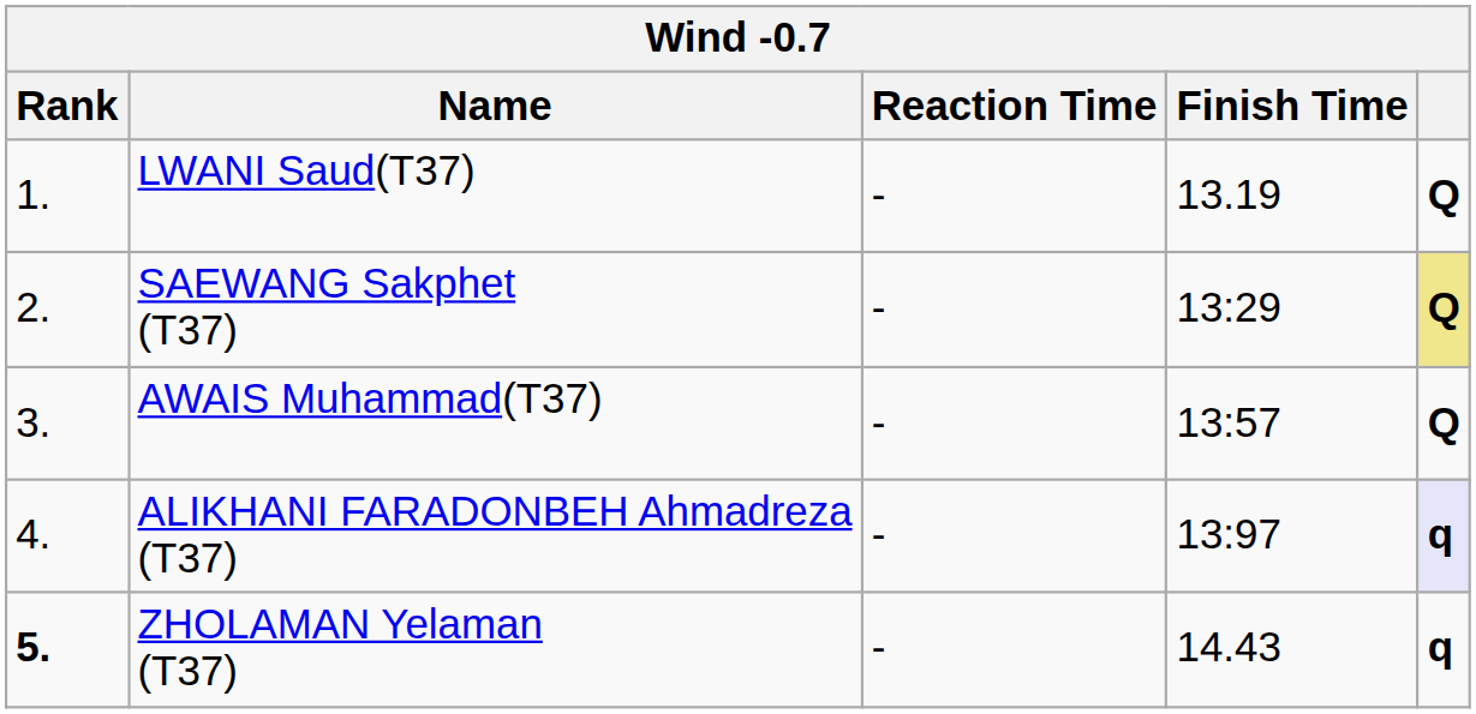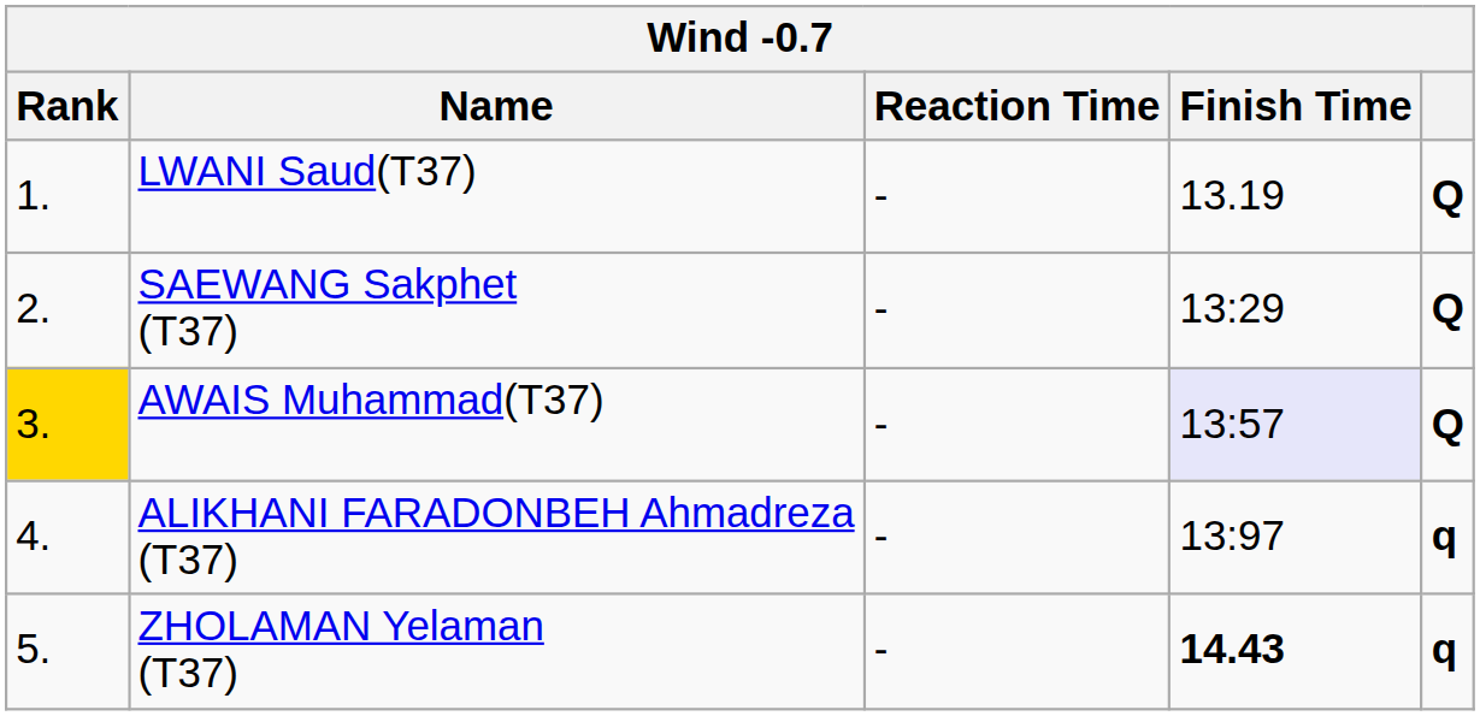 <table class="wikitable">
 <tr>
 <th colspan="5">Wind -0.7</th>
 </tr>
 <tr>
 <th>Rank</th>
 <th>Name</th>
 <th>Reaction Time</th>
 <th>Finish Time</th>
 <th></th>
 </tr>
 <tr>
 <td>1.</td>
 <td><a href='#'>LWANI Saud</a>(T37)<br><br></td>
 <td>-</td>
 <td>13.19</td>
 <td><strong>Q</strong></td>
 </tr>
 <tr>
 <td>2.</td>
 <td><a href='#'>SAEWANG Sakphet</a><br>(T37) <br> </td>
 <td>-</td>
 <td>13:29</td>
-<td style="background: khaki;"><strong>Q</strong></td>
+<td><strong>Q</strong></td>
 </tr>
 <tr>
-<td>3.</td>
+<td style="background: gold;">3.</td>
 <td><a href='#'>AWAIS Muhammad</a>(T37)<br><br></td>
 <td>-</td>
-<td>13:57</td>
+<td style="background: lavender;">13:57</td>
 <td><strong>Q</strong></td>
 </tr>
 <tr>
 <td>4.</td>
 <td><a href='#'>ALIKHANI FARADONBEH Ahmadreza</a><br>(T37) <br> </td>
 <td>-</td>
 <td>13:97</td>
-<td style="background: lavender;"><strong>q</strong></td>
+<td><strong>q</strong></td>
 </tr>
 <tr>
-<td><strong>5.</strong></td>
+<td>5.</td>
 <td><a href='#'>ZHOLAMAN Yelaman</a><br>(T37) <br> </td>
 <td>-</td>
-<td>14.43</td>
+<td><strong>14.43</strong></td>
 <td><strong>q</strong></td>
 </tr>
 </table>
